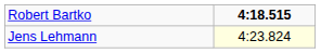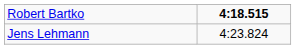 <table class="wikitable" style="text-align:center;">
 <tr>
 <td style="width:15em" align=left><a href='#'>Robert Bartko</a> </td>
 <td style="width:7em;"><strong>4:18.515</strong></td>
 </tr>
 <tr>
 <td align=left><a href='#'>Jens Lehmann</a> </td>
-<td style="background: lightyellow;">4:23.824</td>
+<td>4:23.824</td>
 </tr>
 </table>
